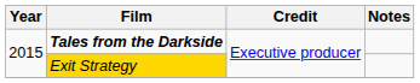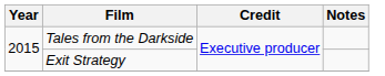 <table class="wikitable">
 <tr>
 <th>Year</th>
 <th>Film</th>
 <th>Credit</th>
 <th>Notes</th>
 </tr>
 <tr>
 <td rowspan="2">2015</td>
-<td><strong><em>Tales from the Darkside</em></strong></td>
+<td><em>Tales from the Darkside</em></td>
 <td rowspan="2"><a href='#'>Executive producer</a></td>
 <td></td>
 </tr>
 <tr>
-<td style="background: gold;"><em>Exit Strategy</em></td>
+<td><em>Exit Strategy</em></td>
 <td></td>
 </tr>
 <tr>
 </tr>
 </table>
